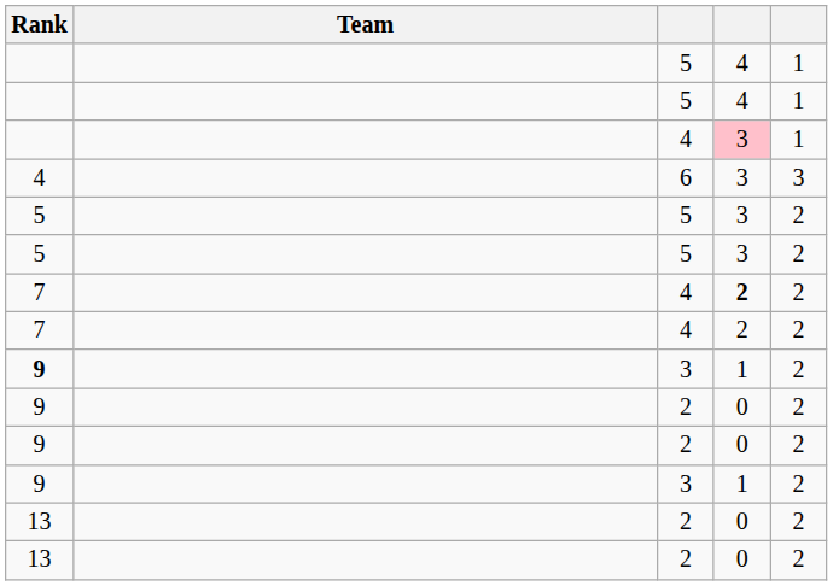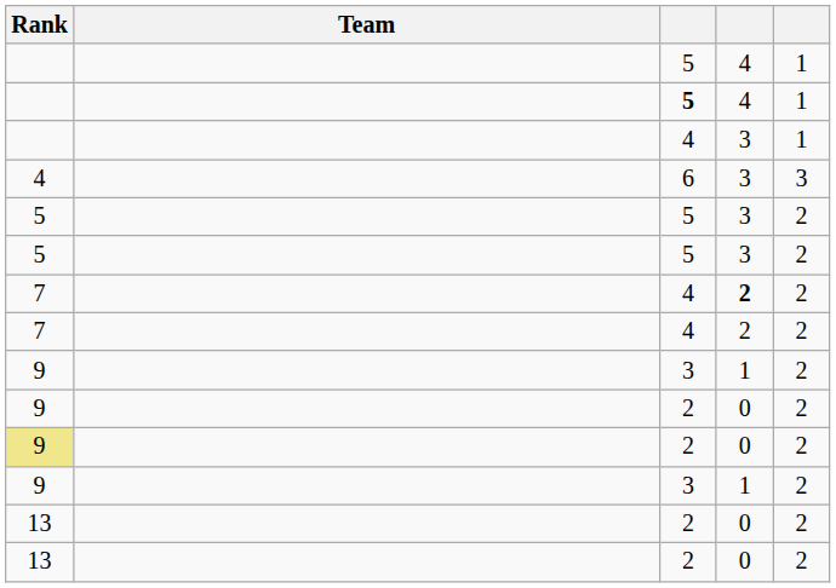 <table class="wikitable" style="text-align: center;">
 <tr>
 <th width=35>Rank</th>
 <th width=380>Team</th>
 <th width=30></th>
 <th width=30></th>
 <th width=30></th>
 </tr>
 <tr>
 <td></td>
 <td align=left></td>
 <td>5</td>
 <td>4</td>
 <td>1</td>
 </tr>
 <tr>
 <td></td>
 <td align=left></td>
-<td>5</td>
+<td><strong>5</strong></td>
 <td>4</td>
 <td>1</td>
 </tr>
 <tr>
 <td></td>
 <td align=left></td>
 <td>4</td>
-<td style="background: pink;">3</td>
+<td>3</td>
 <td>1</td>
 </tr>
 <tr>
 <td>4</td>
 <td align=left></td>
 <td>6</td>
 <td>3</td>
 <td>3</td>
 </tr>
 <tr>
 <td>5</td>
 <td align=left></td>
 <td>5</td>
 <td>3</td>
 <td>2</td>
 </tr>
 <tr>
 <td>5</td>
 <td align=left></td>
 <td>5</td>
 <td>3</td>
 <td>2</td>
 </tr>
 <tr>
 <td>7</td>
 <td align=left></td>
 <td>4</td>
 <td><strong>2</strong></td>
 <td>2</td>
 </tr>
 <tr>
 <td>7</td>
 <td align=left></td>
 <td>4</td>
 <td>2</td>
 <td>2</td>
 </tr>
 <tr>
-<td><strong>9</strong></td>
+<td>9</td>
 <td align=left></td>
 <td>3</td>
 <td>1</td>
 <td>2</td>
 </tr>
 <tr>
 <td>9</td>
 <td align=left></td>
 <td>2</td>
 <td>0</td>
 <td>2</td>
 </tr>
 <tr>
-<td>9</td>
+<td style="background: khaki;">9</td>
 <td align=left></td>
 <td>2</td>
 <td>0</td>
 <td>2</td>
 </tr>
 <tr>
 <td>9</td>
 <td align=left></td>
 <td>3</td>
 <td>1</td>
 <td>2</td>
 </tr>
 <tr>
 <td>13</td>
 <td align=left></td>
 <td>2</td>
 <td>0</td>
 <td>2</td>
 </tr>
 <tr>
 <td>13</td>
 <td align=left></td>
 <td>2</td>
 <td>0</td>
 <td>2</td>
 </tr>
 </table>
